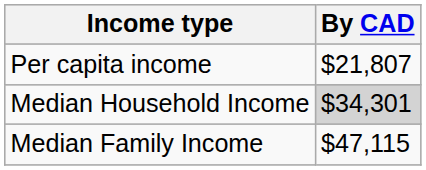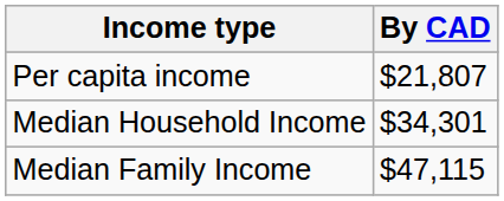 <table class="wikitable">
 <tr>
 <th>Income type</th>
 <th>By <a href='#'>CAD</a></th>
 </tr>
 <tr>
 <td>Per capita income</td>
 <td>$21,807</td>
 </tr>
 <tr>
 <td>Median Household Income</td>
-<td style="background: lightgrey;">$34,301</td>
+<td>$34,301</td>
 </tr>
 <tr>
 <td>Median Family Income</td>
 <td>$47,115</td>
 </tr>
 </table>
